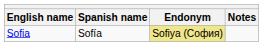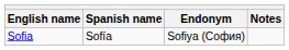 <table class="wikitable sortable">
 <tr>
 <th colspan="4"></th>
 </tr>
 <tr>
 <th>English name</th>
 <th>Spanish name</th>
 <th>Endonym</th>
 <th>Notes</th>
 </tr>
 <tr>
 <td><a href='#'>Sofia</a></td>
 <td>Sofía</td>
-<td style="background: khaki;">Sofiya (София)</td>
+<td>Sofiya (София)</td>
 <td></td>
 </tr>
 </table>
